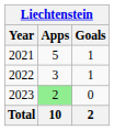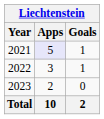 <table class="wikitable" style="text-align:center">
 <tr>
 <th colspan="3"><a href='#'>Liechtenstein</a></th>
 </tr>
 <tr>
 <th>Year</th>
 <th>Apps</th>
 <th>Goals</th>
 </tr>
 <tr>
 <td>2021</td>
-<td>5</td>
+<td style="background: lavender;">5</td>
 <td>1</td>
 </tr>
 <tr>
 <td>2022</td>
 <td>3</td>
 <td>1</td>
 </tr>
 <tr>
 <td>2023</td>
-<td style="background: lightgreen;">2</td>
+<td>2</td>
 <td>0</td>
 </tr>
 <tr>
 <th colspan="1">Total</th>
 <th>10</th>
 <th>2</th>
 </tr>
 </table>
